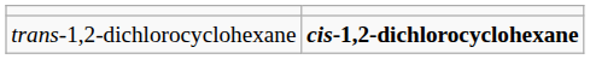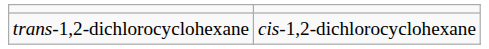 <table class="wikitable" style="margin: 1em auto 1em auto">
 <tr>
 <td> </td>
 <td> </td>
 </tr>
 <tr style="text-align:center;">
 <td><em>trans</em>-1,2-dichlorocyclohexane</td>
-<td><strong><em>cis</em>-1,2-dichlorocyclohexane</strong></td>
+<td><em>cis</em>-1,2-dichlorocyclohexane</td>
 </tr>
 </table>
